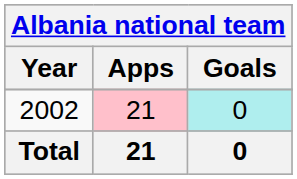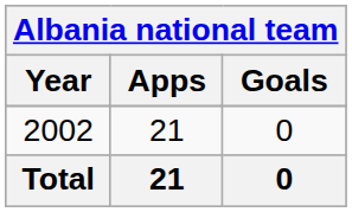 <table class="wikitable" style="text-align:center">
 <tr>
 <th colspan=10><a href='#'>Albania national team</a></th>
 </tr>
 <tr>
 <th>Year</th>
 <th>Apps</th>
 <th>Goals</th>
 </tr>
 <tr>
 </tr>
 <tr>
 <td>2002</td>
-<td style="background: pink;">21</td>
-<td style="background: paleturquoise;">0</td>
+<td>21</td>
+<td>0</td>
 </tr>
 <tr>
 <th>Total</th>
 <th>21</th>
 <th>0</th>
 </tr>
 </table>
